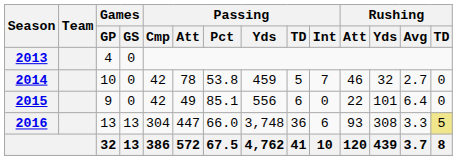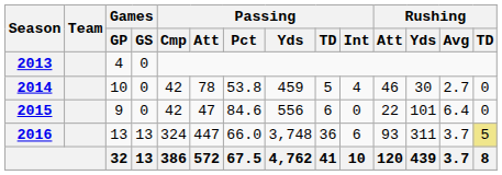 <table class="wikitable" style="text-align:center;">
 <tr>
 <th rowspan="2">Season</th>
 <th rowspan="2">Team</th>
 <th colspan="2">Games</th>
 <th colspan="6">Passing</th>
 <th colspan="4">Rushing</th>
 </tr>
 <tr>
 <th>GP</th>
 <th>GS</th>
 <th>Cmp</th>
 <th>Att</th>
 <th>Pct</th>
 <th>Yds</th>
 <th>TD</th>
 <th>Int</th>
 <th>Att</th>
 <th>Yds</th>
 <th>Avg</th>
 <th>TD</th>
 </tr>
 <tr>
 <th><a href='#'>2013</a></th>
 <th><a href='#'></a></th>
 <td>4</td>
 <td>0</td>
 <td colspan="10"></td>
 </tr>
 <tr>
 <th><a href='#'>2014</a></th>
 <th><a href='#'></a></th>
 <td>10</td>
 <td>0</td>
 <td>42</td>
 <td>78</td>
 <td>53.8</td>
 <td>459</td>
 <td>5</td>
-<td>7</td>
+<td>4</td>
 <td>46</td>
-<td>32</td>
+<td>30</td>
 <td>2.7</td>
 <td>0</td>
 </tr>
 <tr>
 <th><a href='#'>2015</a></th>
 <th><a href='#'></a></th>
 <td>9</td>
 <td>0</td>
 <td>42</td>
-<td>49</td>
-<td>85.1</td>
+<td>47</td>
+<td>84.6</td>
 <td>556</td>
 <td>6</td>
 <td>0</td>
 <td>22</td>
 <td>101</td>
 <td>6.4</td>
 <td>0</td>
 </tr>
 <tr>
 <th><a href='#'>2016</a></th>
 <th><a href='#'></a></th>
 <td>13</td>
 <td>13</td>
-<td>304</td>
+<td>324</td>
 <td>447</td>
 <td>66.0</td>
 <td>3,748</td>
 <td>36</td>
 <td>6</td>
 <td>93</td>
-<td>308</td>
-<td>3.3</td>
+<td>311</td>
+<td>3.7</td>
 <td style="background: khaki;">5</td>
 </tr>
 <tr>
 <th align=center colspan="2"></th>
 <th>32</th>
 <th>13</th>
 <th>386</th>
 <th>572</th>
 <th>67.5</th>
 <th>4,762</th>
 <th>41</th>
 <th>10</th>
 <th>120</th>
 <th>439</th>
 <th>3.7</th>
 <th>8</th>
 </tr>
 <tr>
 </tr>
 </table>
